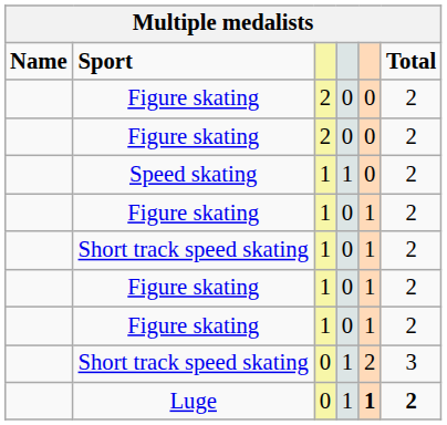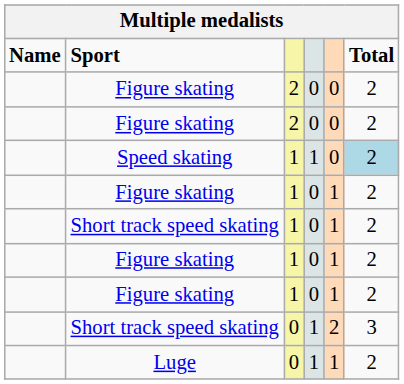 <table class="wikitable" style="font-size:85%; float:right;clear:right;margin-left:1em;">
 <tr style="background:#efefef;">
 <th colspan=7>Multiple medalists</th>
 </tr>
 <tr align=centre>
 <td><strong>Name</strong></td>
 <td><strong>Sport</strong></td>
 <td style="background:#f7f6a8;"></td>
 <td style="background:#dce5e5;"></td>
 <td style="background:#ffdab9;"></td>
 <td><strong>Total</strong></td>
 </tr>
 <tr align=center>
 <td></td>
 <td><a href='#'>Figure skating</a></td>
 <td style="background:#f7f6a8;">2</td>
 <td style="background:#dce5e5;">0</td>
 <td style="background:#ffdab9;">0</td>
 <td>2</td>
 </tr>
 <tr align=center>
 <td></td>
 <td><a href='#'>Figure skating</a></td>
 <td style="background:#f7f6a8;">2</td>
 <td style="background:#dce5e5;">0</td>
 <td style="background:#ffdab9;">0</td>
 <td>2</td>
 </tr>
 <tr align=center>
 <td></td>
 <td><a href='#'>Speed skating</a></td>
 <td style="background:#f7f6a8;">1</td>
 <td style="background:#dce5e5;">1</td>
 <td style="background:#ffdab9;">0</td>
-<td>2</td>
+<td style="background: lightblue;">2</td>
 </tr>
 <tr align=center>
 <td></td>
 <td><a href='#'>Figure skating</a></td>
 <td style="background:#f7f6a8;">1</td>
 <td style="background:#dce5e5;">0</td>
 <td style="background:#ffdab9;">1</td>
 <td>2</td>
 </tr>
 <tr align=center>
 <td></td>
 <td><a href='#'>Short track speed skating</a></td>
 <td style="background:#f7f6a8;">1</td>
 <td style="background:#dce5e5;">0</td>
 <td style="background:#ffdab9;">1</td>
 <td>2</td>
 </tr>
 <tr align=center>
 <td></td>
 <td><a href='#'>Figure skating</a></td>
 <td style="background:#f7f6a8;">1</td>
 <td style="background:#dce5e5;">0</td>
 <td style="background:#ffdab9;">1</td>
 <td>2</td>
 </tr>
 <tr align=center>
 <td></td>
 <td><a href='#'>Figure skating</a></td>
 <td style="background:#f7f6a8;">1</td>
 <td style="background:#dce5e5;">0</td>
 <td style="background:#ffdab9;">1</td>
 <td>2</td>
 </tr>
 <tr align=center>
 <td></td>
 <td><a href='#'>Short track speed skating</a></td>
 <td style="background:#f7f6a8;">0</td>
 <td style="background:#dce5e5;">1</td>
 <td style="background:#ffdab9;">2</td>
 <td>3</td>
 </tr>
 <tr align=center>
 <td></td>
 <td><a href='#'>Luge</a></td>
 <td style="background:#f7f6a8;">0</td>
 <td style="background:#dce5e5;">1</td>
-<td style="background:#ffdab9;"><strong>1</strong></td>
-<td><strong>2</strong></td>
+<td style="background:#ffdab9;">1</td>
+<td>2</td>
 </tr>
 </table>
